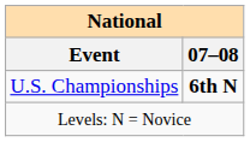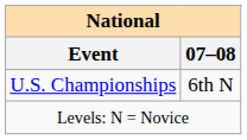 <table class="wikitable" style="text-align:center">
 <tr>
 <th style="background-color: #ffdead; " colspan=10 align=center>National</th>
 </tr>
 <tr>
 <th>Event</th>
 <th>07–08</th>
 </tr>
 <tr>
 <td align=left><a href='#'>U.S. Championships</a></td>
-<td><strong>6th N</strong></td>
+<td>6th N</td>
 </tr>
 <tr>
 <td colspan=2 align=center><small> Levels: N = Novice </small></td>
 </tr>
 </table>
